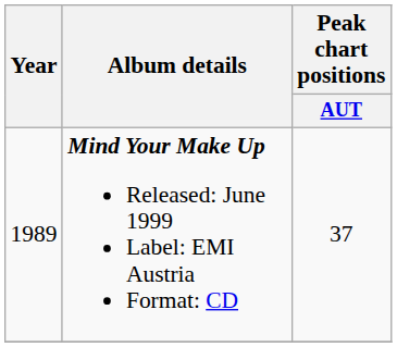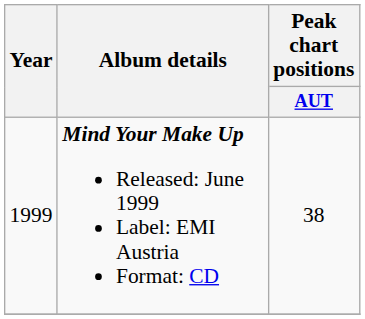 <table class="wikitable">
 <tr>
 <th rowspan="2" width="10">Year</th>
 <th rowspan="2" width="150">Album details</th>
 <th colspan="9">Peak chart positions</th>
 </tr>
 <tr>
 <th style="width:3em;font-size:85%"><a href='#'>AUT</a><br></th>
 </tr>
 <tr>
-<td>1989</td>
+<td>1999</td>
 <td><strong><em>Mind Your Make Up</em></strong><br><ul><li>Released: June 1999</li><li>Label: EMI Austria</li><li>Format: <a href='#'>CD</a></li></ul></td>
-<td align="center">37</td>
+<td align="center">38</td>
 </tr>
 <tr>
 </tr>
 </table>
